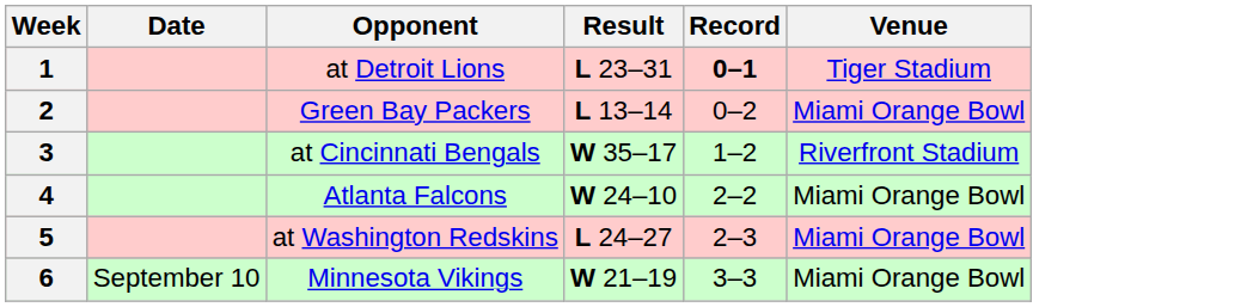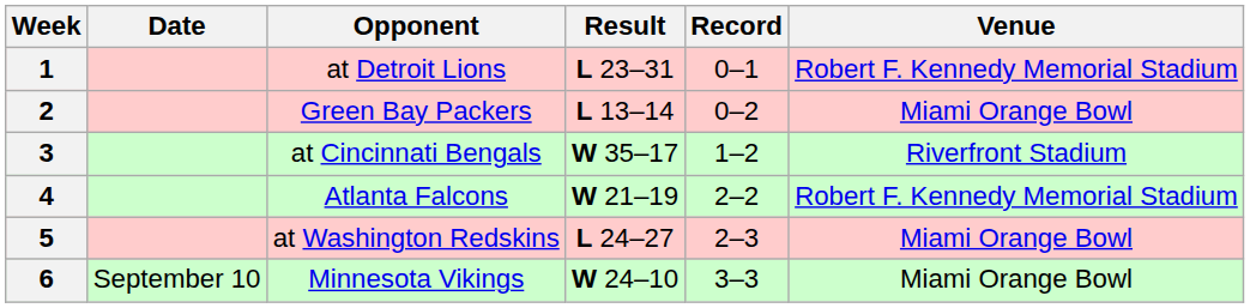 <table class="wikitable" style="text-align:center">
 <tr>
 <th>Week</th>
 <th>Date</th>
 <th>Opponent</th>
 <th>Result</th>
 <th>Record</th>
 <th>Venue</th>
 </tr>
 <tr style="background:#fcc;">
 <th>1</th>
 <td></td>
 <td>at <a href='#'>Detroit Lions</a></td>
 <td><strong>L</strong> 23–31</td>
-<td><strong>0–1</strong></td>
-<td><a href='#'>Tiger Stadium</a></td>
+<td>0–1</td>
+<td><a href='#'>Robert F. Kennedy Memorial Stadium</a></td>
 </tr>
 <tr style="background:#fcc;">
 <th>2</th>
 <td></td>
 <td><a href='#'>Green Bay Packers</a></td>
 <td><strong>L</strong> 13–14</td>
 <td>0–2</td>
 <td><a href='#'>Miami Orange Bowl</a></td>
 </tr>
 <tr style="background:#cfc;">
 <th>3</th>
 <td></td>
 <td>at <a href='#'>Cincinnati Bengals</a></td>
 <td><strong>W</strong> 35–17</td>
 <td>1–2</td>
 <td><a href='#'>Riverfront Stadium</a></td>
 </tr>
 <tr style="background:#cfc;">
 <th>4</th>
 <td></td>
 <td><a href='#'>Atlanta Falcons</a></td>
-<td><strong>W</strong> 24–10</td>
+<td><strong>W</strong> 21–19</td>
 <td>2–2</td>
-<td>Miami Orange Bowl</td>
+<td><a href='#'>Robert F. Kennedy Memorial Stadium</a></td>
 </tr>
 <tr style="background:#fcc;">
 <th>5</th>
 <td></td>
 <td>at <a href='#'>Washington Redskins</a></td>
 <td><strong>L</strong> 24–27</td>
 <td>2–3</td>
 <td><a href='#'>Miami Orange Bowl</a></td>
 </tr>
 <tr style="background:#cfc;">
 <th>6</th>
 <td>September 10</td>
 <td><a href='#'>Minnesota Vikings</a></td>
-<td><strong>W</strong> 21–19</td>
+<td><strong>W</strong> 24–10</td>
 <td>3–3</td>
 <td>Miami Orange Bowl</td>
 </tr>
 </table>
